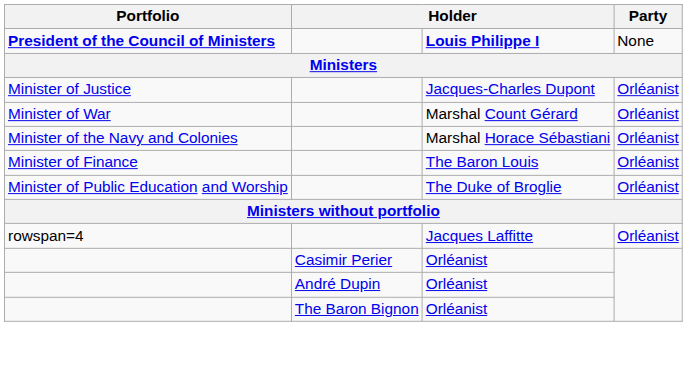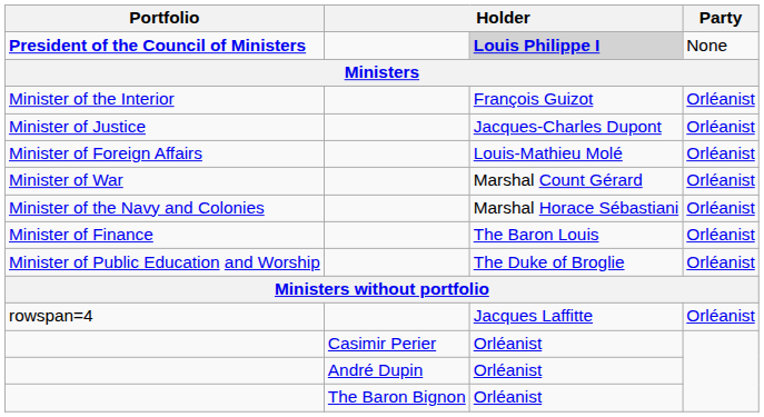 <table class="wikitable">
 <tr>
 <th>Portfolio</th>
 <th colspan=2>Holder</th>
 <th>Party</th>
 </tr>
 <tr>
 <td><strong><a href='#'>President of the Council of Ministers</a></strong></td>
 <td style="background:"></td>
-<td><strong><a href='#'>Louis Philippe I</a></strong><br></td>
+<td style="background: lightgrey;"><strong><a href='#'>Louis Philippe I</a></strong><br></td>
 <td>None</td>
 </tr>
 <tr>
 <th colspan=4 align=center><a href='#'>Ministers</a></th>
 </tr>
 <tr>
+<td><a href='#'>Minister of the Interior</a></td>
+<td style="background:"></td>
+<td><a href='#'>François Guizot</a></td>
+<td><a href='#'>Orléanist</a></td>
+</tr>
+<tr>
 <td><a href='#'>Minister of Justice</a></td>
 <td style="background:"></td>
 <td><a href='#'>Jacques-Charles Dupont</a></td>
+<td><a href='#'>Orléanist</a></td>
+</tr>
+<tr>
+<td><a href='#'>Minister of Foreign Affairs</a></td>
+<td style="background:"></td>
+<td><a href='#'>Louis-Mathieu Molé</a></td>
 <td><a href='#'>Orléanist</a></td>
 </tr>
 <tr>
 <td><a href='#'>Minister of War</a></td>
 <td style="background:"></td>
 <td>Marshal <a href='#'>Count Gérard</a></td>
 <td><a href='#'>Orléanist</a></td>
 </tr>
 <tr>
 <td><a href='#'>Minister of the Navy and Colonies</a></td>
 <td style="background:"></td>
 <td>Marshal <a href='#'>Horace Sébastiani</a></td>
 <td><a href='#'>Orléanist</a></td>
 </tr>
 <tr>
 <td><a href='#'>Minister of Finance</a></td>
 <td style="background:"></td>
 <td><a href='#'>The Baron Louis</a></td>
 <td><a href='#'>Orléanist</a></td>
 </tr>
 <tr>
 <td><a href='#'>Minister of Public Education</a> <a href='#'>and Worship</a></td>
 <td style="background:"></td>
 <td><a href='#'>The Duke of Broglie</a></td>
 <td><a href='#'>Orléanist</a></td>
 </tr>
 <tr>
 <th colspan=4 align=center><a href='#'>Ministers without portfolio</a></th>
 </tr>
 <tr>
 <td>rowspan=4 </td>
 <td style="background:"></td>
 <td><a href='#'>Jacques Laffitte</a></td>
 <td><a href='#'>Orléanist</a></td>
 </tr>
 <tr>
 <td style="background:"></td>
 <td><a href='#'>Casimir Perier</a></td>
 <td><a href='#'>Orléanist</a></td>
 </tr>
 <tr>
 <td style="background:"></td>
 <td><a href='#'>André Dupin</a></td>
 <td><a href='#'>Orléanist</a></td>
 </tr>
 <tr>
 <td style="background:"></td>
 <td><a href='#'>The Baron Bignon</a></td>
 <td><a href='#'>Orléanist</a></td>
 </tr>
 </table>
